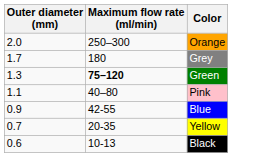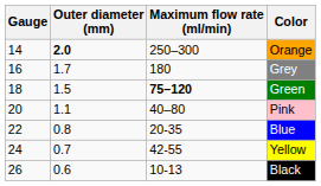 <table class="wikitable">
 <tr>
+<th>Gauge</th>
 <th>Outer diameter <br>(mm)</th>
 <th>Maximum flow rate <br>(ml/min)</th>
 <th>Color</th>
 </tr>
 <tr>
-<td>2.0</td>
+<td>14</td>
+<td><strong>2.0</strong></td>
 <td>250–300</td>
 <td style="background: Orange;">Orange</td>
 </tr>
 <tr>
+<td>16</td>
 <td>1.7</td>
 <td>180</td>
 <td style="background: Gray; color: white">Grey</td>
 </tr>
 <tr>
-<td>1.3</td>
+<td>18</td>
+<td>1.5</td>
 <td><strong>75–120</strong></td>
 <td style="background: Green; color: white">Green</td>
 </tr>
 <tr>
+<td>20</td>
 <td>1.1</td>
 <td>40–80</td>
 <td style="background: Pink">Pink</td>
 </tr>
 <tr>
-<td>0.9</td>
-<td>42-55</td>
+<td>22</td>
+<td>0.8</td>
+<td>20-35</td>
 <td style="background: Blue; color: white">Blue</td>
 </tr>
 <tr>
+<td>24</td>
 <td>0.7</td>
-<td>20-35</td>
+<td>42-55</td>
 <td style="background: Yellow">Yellow</td>
 </tr>
 <tr>
+<td>26</td>
 <td>0.6</td>
 <td>10-13</td>
 <td style="background: Black; color: white">Black</td>
 </tr>
 </table>
